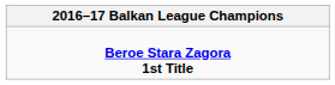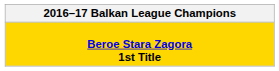 <table class="wikitable" style="margin: 0 auto; width: 30%;">
 <tr>
 <th>2016–17 Balkan League Champions</th>
 </tr>
 <tr>
-<td align=center><br><strong><a href='#'>Beroe Stara Zagora</a></strong><br><strong>1st Title</strong></td>
+<td align=center style="background: gold;"><br><strong><a href='#'>Beroe Stara Zagora</a></strong><br><strong>1st Title</strong></td>
 </tr>
 </table>
